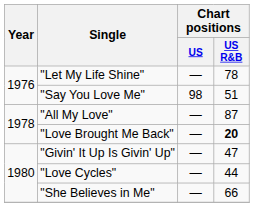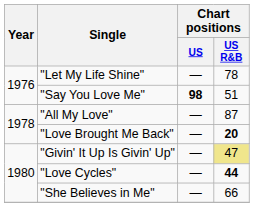 <table class="wikitable" style="text-align:center;">
 <tr>
 <th rowspan="2">Year</th>
 <th rowspan="2">Single</th>
 <th colspan="2">Chart positions</th>
 </tr>
 <tr style="font-size:smaller;">
 <th width="40"><a href='#'>US</a></th>
 <th width="40"><a href='#'>US<br>R&B</a></th>
 </tr>
 <tr>
 <td rowspan="2">1976</td>
 <td align="left">"Let My Life Shine"</td>
 <td>—</td>
 <td>78</td>
 </tr>
 <tr>
 <td align="left">"Say You Love Me"</td>
-<td>98</td>
+<td><strong>98</strong></td>
 <td>51</td>
 </tr>
 <tr>
 <td rowspan="2">1978</td>
 <td align="left">"All My Love"</td>
 <td>—</td>
 <td>87</td>
 </tr>
 <tr>
 <td align="left">"Love Brought Me Back"</td>
 <td>—</td>
 <td><strong>20</strong></td>
 </tr>
 <tr>
 <td rowspan="3">1980</td>
 <td align="left">"Givin' It Up Is Givin' Up"</td>
 <td>—</td>
-<td>47</td>
+<td style="background: khaki;">47</td>
 </tr>
 <tr>
 <td align="left">"Love Cycles"</td>
 <td>—</td>
-<td>44</td>
+<td><strong>44</strong></td>
 </tr>
 <tr>
 <td align="left">"She Believes in Me"</td>
 <td>—</td>
 <td>66</td>
 </tr>
 <tr>
 </tr>
 </table>
